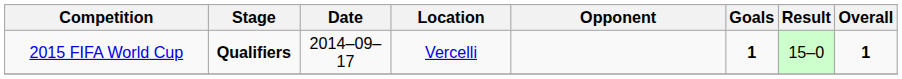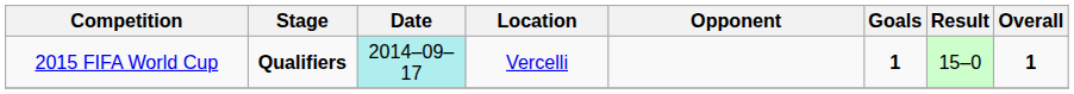 <table class="wikitable" style="font-size:90%">
 <tr>
 <th width=175px>Competition</th>
 <th width=75px>Stage</th>
 <th width=75px>Date</th>
 <th width=100px>Location</th>
 <th width=185px>Opponent</th>
 <th width=25px>Goals</th>
 <th width=25>Result</th>
 <th width=25px>Overall</th>
 </tr>
 <tr align=center>
 <td><a href='#'>2015 FIFA World Cup</a></td>
 <td><strong>Qualifiers</strong></td>
-<td>2014–09–17</td>
+<td style="background: paleturquoise;">2014–09–17</td>
 <td><a href='#'>Vercelli</a></td>
 <td align=left></td>
 <td><strong>1</strong></td>
 <td bgcolor=#CCFFCC>15–0</td>
 <td><strong>1</strong></td>
 </tr>
 <tr>
 </tr>
 </table>
